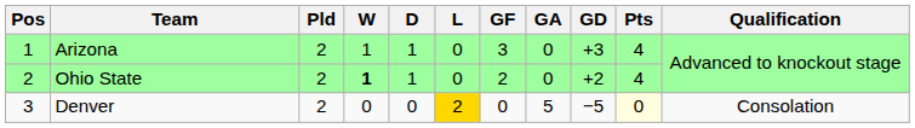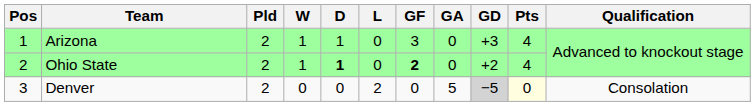 <table class="wikitable" style="text-align:center; margin: 1em auto">
 <tr>
 <th style="width:2em">Pos</th>
 <th style="width:13em">Team</th>
 <th style="width:2em">Pld</th>
 <th style="width:2em">W</th>
 <th style="width:2em">D</th>
 <th style="width:2em">L</th>
 <th style="width:2em">GF</th>
 <th style="width:2em">GA</th>
 <th style="width:2em">GD</th>
 <th style="width:2em">Pts</th>
 <th style="width:13em">Qualification</th>
 </tr>
 <tr bgcolor="#9eff9e">
 <td>1</td>
 <td style="text-align:left">Arizona</td>
 <td>2</td>
 <td>1</td>
 <td>1</td>
 <td>0</td>
 <td>3</td>
 <td>0</td>
 <td>+3</td>
 <td>4</td>
 <td rowspan="2">Advanced to knockout stage</td>
 </tr>
 <tr bgcolor="#9eff9e">
 <td>2</td>
 <td style="text-align:left">Ohio State</td>
 <td>2</td>
+<td>1</td>
 <td><strong>1</strong></td>
-<td>1</td>
 <td>0</td>
-<td>2</td>
+<td><strong>2</strong></td>
 <td>0</td>
 <td>+2</td>
 <td>4</td>
 </tr>
 <tr>
 <td>3</td>
 <td style="text-align:left">Denver</td>
 <td>2</td>
 <td>0</td>
 <td>0</td>
-<td style="background: gold;">2</td>
+<td>2</td>
 <td>0</td>
 <td>5</td>
-<td>−5</td>
+<td style="background: lightgrey;">−5</td>
 <td style="background: lightyellow;">0</td>
 <td>Consolation</td>
 </tr>
 </table>
